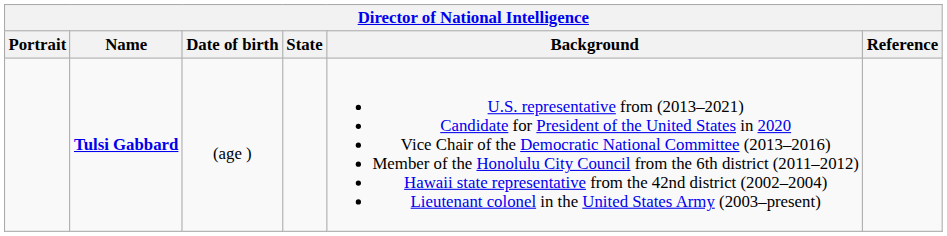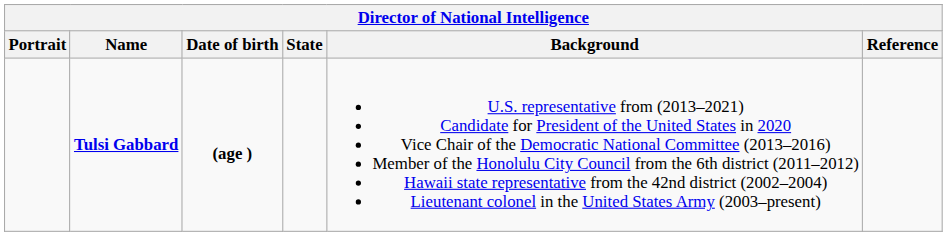 <table class="wikitable collapsible" style="text-align:center;">
 <tr>
 <th colspan="6"><a href='#'>Director of National Intelligence</a></th>
 </tr>
 <tr>
 <th>Portrait</th>
 <th>Name</th>
 <th>Date of birth</th>
 <th>State</th>
 <th>Background</th>
 <th>Reference</th>
 </tr>
 <tr>
 <td></td>
 <td><strong><a href='#'>Tulsi Gabbard</a></strong></td>
-<td><br>(age )</td>
+<td><strong><br>(age )</strong></td>
 <td></td>
 <td><br><ul><li><a href='#'>U.S. representative</a> from  (2013–2021)</li><li><a href='#'>Candidate</a> for <a href='#'>President of the United States</a> in <a href='#'>2020</a></li><li>Vice Chair of the <a href='#'>Democratic National Committee</a> (2013–2016)</li><li>Member of the <a href='#'>Honolulu City Council</a> from the 6th district (2011–2012)</li><li><a href='#'>Hawaii state representative</a> from the 42nd district (2002–2004)</li><li><a href='#'>Lieutenant colonel</a> in the <a href='#'>United States Army</a> (2003–present)</li></ul></td>
 <td></td>
 </tr>
 </table>
